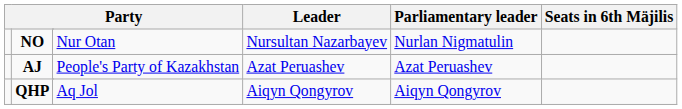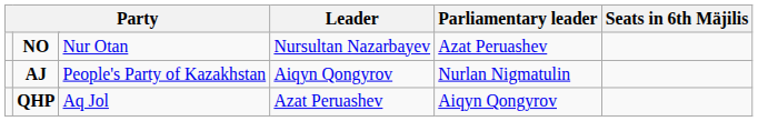 <table class="wikitable">
 <tr>
 <th colspan="4">Party</th>
 <th rowspan="1">Leader</th>
 <th rowspan="1">Parliamentary leader</th>
 <th rowspan="1">Seats in 6th Mäjilis</th>
 </tr>
 <tr>
 <td style="background:"></td>
 <td colspan="2" style="text-align:center;"><strong>NO</strong></td>
 <td><a href='#'>Nur Otan</a></td>
 <td><a href='#'>Nursultan Nazarbayev</a></td>
-<td><a href='#'>Nurlan Nigmatulin</a></td>
+<td><a href='#'>Azat Peruashev</a></td>
 <td></td>
 </tr>
 <tr>
 <td style="background:"></td>
 <td colspan="2" style="text-align:center;"><strong>AJ</strong></td>
 <td><a href='#'>People's Party of Kazakhstan</a></td>
-<td><a href='#'>Azat Peruashev</a></td>
-<td><a href='#'>Azat Peruashev</a></td>
+<td><a href='#'>Aiqyn Qongyrov</a></td>
+<td><a href='#'>Nurlan Nigmatulin</a></td>
 <td></td>
 </tr>
 <tr>
 <td style="background:"></td>
 <td colspan="2" style="text-align:center;"><strong>QHP</strong></td>
 <td><a href='#'>Aq Jol</a></td>
-<td><a href='#'>Aiqyn Qongyrov</a></td>
+<td><a href='#'>Azat Peruashev</a></td>
 <td><a href='#'>Aiqyn Qongyrov</a></td>
 <td></td>
 </tr>
 </table>
